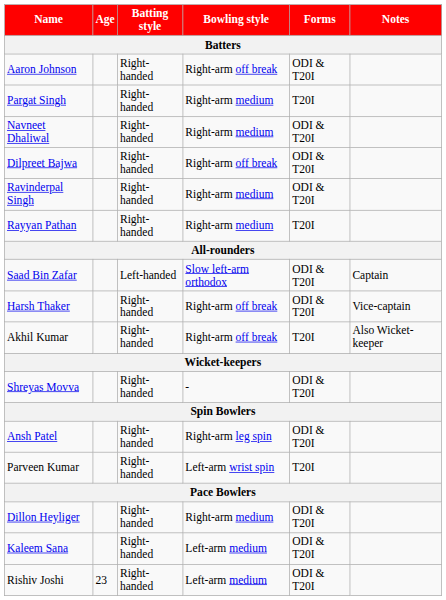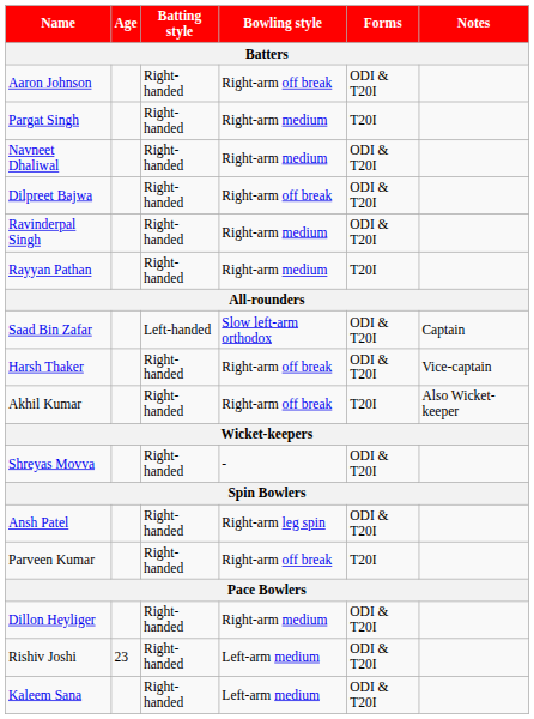 <table class="wikitable">
 <tr>
 <th style="text-align:center; background:red; color:white;">Name</th>
 <th style="text-align:center; background:red; color:white;">Age</th>
 <th style="text-align:center; background:red; color:white;">Batting style</th>
 <th style="text-align:center; background:red; color:white;">Bowling style</th>
 <th style="text-align:center; background:red; color:white;">Forms</th>
 <th style="text-align:center; background:red; color:white;">Notes</th>
 </tr>
 <tr>
 <th colspan="6">Batters</th>
 </tr>
 <tr>
 <td><a href='#'>Aaron Johnson</a></td>
 <td></td>
 <td>Right-handed</td>
 <td>Right-arm <a href='#'>off break</a></td>
 <td>ODI & T20I</td>
 <td></td>
 </tr>
 <tr>
 <td><a href='#'>Pargat Singh</a></td>
 <td></td>
 <td>Right-handed</td>
 <td>Right-arm <a href='#'>medium</a></td>
 <td>T20I</td>
 <td></td>
 </tr>
 <tr>
 <td><a href='#'>Navneet Dhaliwal</a></td>
 <td></td>
 <td>Right-handed</td>
 <td>Right-arm <a href='#'>medium</a></td>
 <td>ODI & T20I</td>
 <td></td>
 </tr>
 <tr>
 <td><a href='#'>Dilpreet Bajwa</a></td>
 <td></td>
 <td>Right-handed</td>
 <td>Right-arm <a href='#'>off break</a></td>
 <td>ODI & T20I</td>
 <td></td>
 </tr>
 <tr>
 <td><a href='#'>Ravinderpal Singh</a></td>
 <td></td>
 <td>Right-handed</td>
 <td>Right-arm <a href='#'>medium</a></td>
 <td>ODI & T20I</td>
 <td></td>
 </tr>
 <tr>
 <td><a href='#'>Rayyan Pathan</a></td>
 <td></td>
 <td>Right-handed</td>
 <td>Right-arm <a href='#'>medium</a></td>
 <td>T20I</td>
 <td></td>
 </tr>
 <tr>
 <th colspan="6">All-rounders</th>
 </tr>
 <tr>
 <td><a href='#'>Saad Bin Zafar</a></td>
 <td></td>
 <td>Left-handed</td>
 <td><a href='#'>Slow left-arm orthodox</a></td>
 <td>ODI & T20I</td>
 <td>Captain</td>
 </tr>
 <tr>
 <td><a href='#'>Harsh Thaker</a></td>
 <td></td>
 <td>Right-handed</td>
 <td>Right-arm <a href='#'>off break</a></td>
 <td>ODI & T20I</td>
 <td>Vice-captain</td>
 </tr>
 <tr>
 <td>Akhil Kumar</td>
 <td></td>
 <td>Right-handed</td>
 <td>Right-arm <a href='#'>off break</a></td>
 <td>T20I</td>
 <td>Also Wicket-keeper</td>
 </tr>
 <tr>
 <th colspan="6">Wicket-keepers</th>
 </tr>
 <tr>
 <td><a href='#'>Shreyas Movva</a></td>
 <td></td>
 <td>Right-handed</td>
 <td>-</td>
 <td>ODI & T20I</td>
 <td></td>
 </tr>
 <tr>
 <th colspan="6">Spin Bowlers</th>
 </tr>
 <tr>
 <td><a href='#'>Ansh Patel</a></td>
 <td></td>
 <td>Right-handed</td>
 <td>Right-arm <a href='#'>leg spin</a></td>
 <td>ODI & T20I</td>
 <td></td>
 </tr>
 <tr>
 <td>Parveen Kumar</td>
 <td></td>
 <td>Right-handed</td>
-<td>Left-arm <a href='#'>wrist spin</a></td>
+<td>Right-arm <a href='#'>off break</a></td>
 <td>T20I</td>
 <td></td>
 </tr>
 <tr>
 <th colspan="6">Pace Bowlers</th>
 </tr>
 <tr>
 <td><a href='#'>Dillon Heyliger</a></td>
 <td></td>
 <td>Right-handed</td>
 <td>Right-arm <a href='#'>medium</a></td>
 <td>ODI & T20I</td>
 <td></td>
 </tr>
 <tr>
+<td>Rishiv Joshi</td>
+<td>23</td>
+<td>Right-handed</td>
+<td>Left-arm <a href='#'>medium</a></td>
+<td>ODI & T20I</td>
+<td></td>
+</tr>
+<tr>
 <td><a href='#'>Kaleem Sana</a></td>
 <td></td>
 <td>Right-handed</td>
 <td>Left-arm <a href='#'>medium</a></td>
 <td>ODI & T20I</td>
 <td></td>
 </tr>
-<tr>
-<td>Rishiv Joshi</td>
-<td>23</td>
-<td>Right-handed</td>
-<td>Left-arm <a href='#'>medium</a></td>
-<td>ODI & T20I</td>
-<td></td>
-</tr>
 </table>
